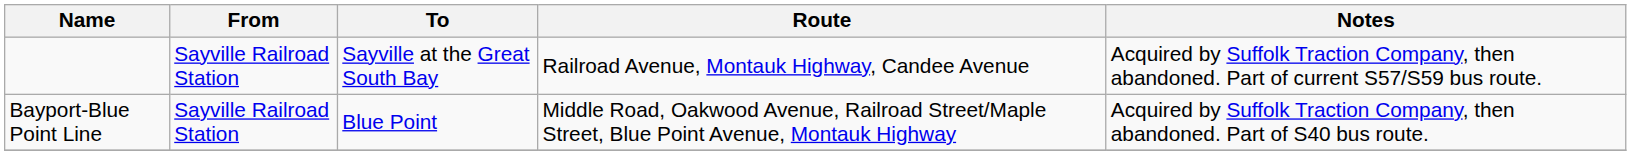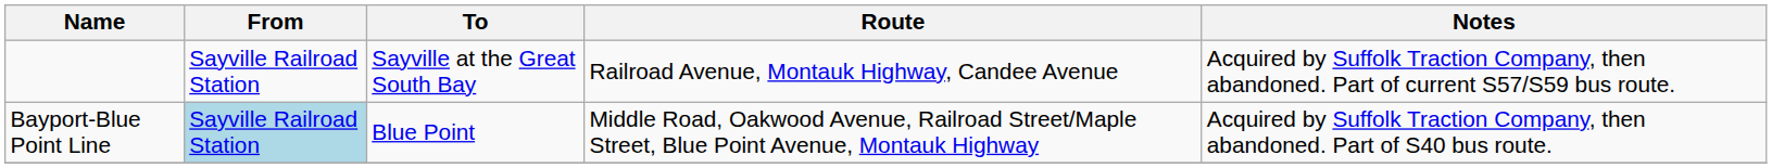 <table class=wikitable>
 <tr>
 <th>Name</th>
 <th>From</th>
 <th>To</th>
 <th>Route</th>
 <th>Notes</th>
 </tr>
 <tr>
 <td></td>
 <td><a href='#'>Sayville Railroad Station</a></td>
 <td><a href='#'>Sayville</a> at the <a href='#'>Great South Bay</a></td>
 <td>Railroad Avenue, <a href='#'>Montauk Highway</a>, Candee Avenue</td>
 <td>Acquired by <a href='#'>Suffolk Traction Company</a>, then abandoned. Part of current S57/S59 bus route.</td>
 </tr>
 <tr>
 <td>Bayport-Blue Point Line</td>
-<td><a href='#'>Sayville Railroad Station</a></td>
+<td style="background: lightblue;"><a href='#'>Sayville Railroad Station</a></td>
 <td><a href='#'>Blue Point</a></td>
 <td>Middle Road, Oakwood Avenue, Railroad Street/Maple Street, Blue Point Avenue, <a href='#'>Montauk Highway</a></td>
 <td>Acquired by <a href='#'>Suffolk Traction Company</a>, then abandoned. Part of S40 bus route.</td>
 </tr>
 <tr>
 </tr>
 </table>
